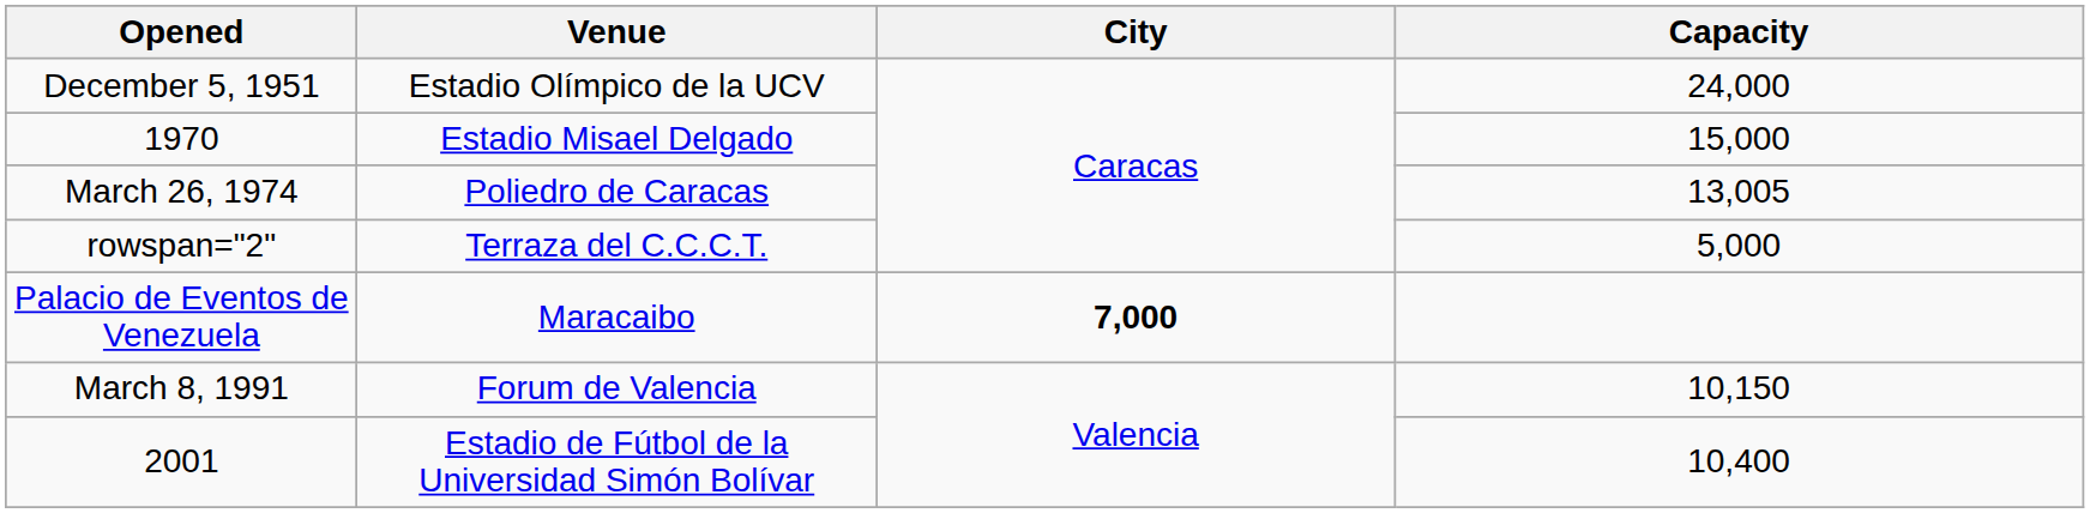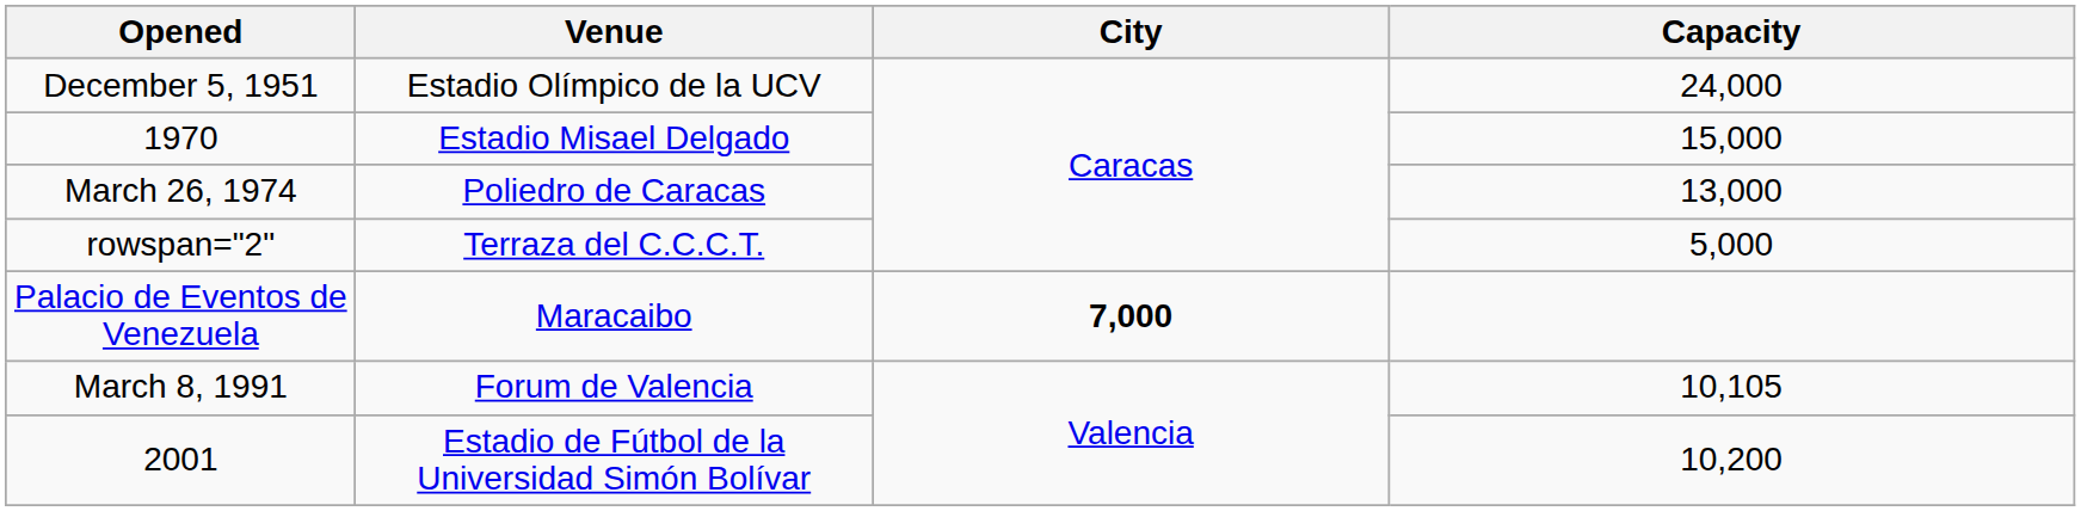 <table class="sortable wikitable" style="text-align:center;">
 <tr>
 <th scope="col" style="width:10em;">Opened</th>
 <th scope="col" style="width:15em;">Venue</th>
 <th scope="col" style="width:15em;">City</th>
 <th scope="col" style="width:20em;">Capacity</th>
 </tr>
 <tr>
 <td>December 5, 1951</td>
 <td>Estadio Olímpico de la UCV</td>
 <td rowspan="4"><a href='#'>Caracas</a></td>
 <td>24,000</td>
 </tr>
 <tr>
 <td>1970</td>
 <td><a href='#'>Estadio Misael Delgado</a></td>
 <td>15,000</td>
 </tr>
 <tr>
 <td>March 26, 1974</td>
 <td><a href='#'>Poliedro de Caracas</a></td>
-<td>13,005</td>
+<td>13,000</td>
 </tr>
 <tr>
 <td>rowspan="2" </td>
 <td><a href='#'>Terraza del C.C.C.T.</a></td>
 <td>5,000</td>
 </tr>
 <tr>
 <td><a href='#'>Palacio de Eventos de Venezuela</a></td>
 <td><a href='#'>Maracaibo</a></td>
 <td><strong>7,000</strong></td>
 </tr>
 <tr>
 <td>March 8, 1991</td>
 <td><a href='#'>Forum de Valencia</a></td>
 <td rowspan="2"><a href='#'>Valencia</a></td>
-<td>10,150</td>
+<td>10,105</td>
 </tr>
 <tr>
 <td>2001</td>
 <td><a href='#'>Estadio de Fútbol de la Universidad Simón Bolívar</a></td>
-<td>10,400</td>
+<td>10,200</td>
 </tr>
 </table>
